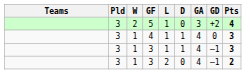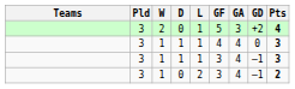 <table class="wikitable" style="text-align: center;">
 <tr>
 <th width=165>Teams</th>
 <th width=20>Pld</th>
 <th width=20>W</th>
+<th width=20>D</th>
+<th width=20>L</th>
 <th width=20>GF</th>
-<th width=20>L</th>
-<th width=20>D</th>
 <th width=20>GA</th>
 <th width=20>GD</th>
 <th width=20>Pts</th>
 </tr>
 <tr align=center style="background:#ccffcc;">
 <td style="text-align:left;"></td>
 <td>3</td>
 <td>2</td>
+<td>0</td>
+<td>1</td>
 <td>5</td>
-<td>1</td>
-<td>0</td>
 <td>3</td>
 <td>+2</td>
 <td><strong>4</strong></td>
 </tr>
 <tr align=center>
 <td style="text-align:left;"></td>
 <td>3</td>
 <td>1</td>
-<td>4</td>
 <td>1</td>
 <td>1</td>
+<td>4</td>
 <td>4</td>
 <td>0</td>
 <td><strong>3</strong></td>
 </tr>
 <tr align=center>
 <td style="text-align:left;"></td>
 <td>3</td>
 <td>1</td>
-<td>3</td>
 <td>1</td>
 <td>1</td>
+<td>3</td>
 <td>4</td>
 <td>–1</td>
 <td><strong>3</strong></td>
 </tr>
 <tr align=center>
 <td style="text-align:left;"></td>
 <td>3</td>
 <td>1</td>
+<td>0</td>
+<td>2</td>
 <td>3</td>
-<td>2</td>
-<td>0</td>
 <td>4</td>
 <td>–1</td>
 <td><strong>2</strong></td>
 </tr>
 </table>
